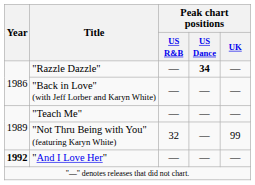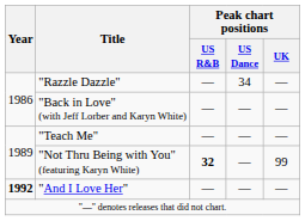 <table class="wikitable">
 <tr>
 <th scope="col" rowspan="2">Year</th>
 <th scope="col" rowspan="2">Title</th>
 <th scope="col" colspan="3">Peak chart positions</th>
 </tr>
 <tr>
 <th style="width:40px;"><small><a href='#'>US R&B</a></small><br></th>
 <th style="width:40px;"><small><a href='#'>US Dance</a></small><br></th>
 <th style="width:40px;"><small><a href='#'>UK</a></small><br></th>
 </tr>
 <tr>
 <td rowspan="2">1986</td>
 <td>"Razzle Dazzle"</td>
 <td align=center>―</td>
-<td align=center><strong>34</strong></td>
+<td align=center>34</td>
 <td align=center>―</td>
 </tr>
 <tr>
 <td>"Back in Love" <br><small>(with Jeff Lorber and Karyn White)</small></td>
 <td align=center>―</td>
 <td align=center>―</td>
 <td align=center>―</td>
 </tr>
 <tr>
 <td rowspan="2">1989</td>
 <td>"Teach Me"</td>
 <td align=center>―</td>
 <td align=center>―</td>
 <td align=center>―</td>
 </tr>
 <tr>
 <td>"Not Thru Being with You" <br><small>(featuring Karyn White)</small></td>
-<td align=center>32</td>
+<td align=center><strong>32</strong></td>
 <td align=center>―</td>
 <td align=center>99</td>
 </tr>
 <tr>
 <td><strong>1992</strong></td>
 <td>"<a href='#'>And I Love Her</a>"</td>
 <td align=center>―</td>
 <td align=center>―</td>
 <td align=center>―</td>
 </tr>
 <tr>
 <td colspan="5" style="text-align:center; font-size:9pt;">"—" denotes releases that did not chart.</td>
 </tr>
 </table>
